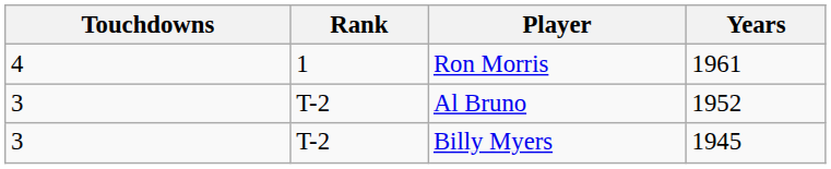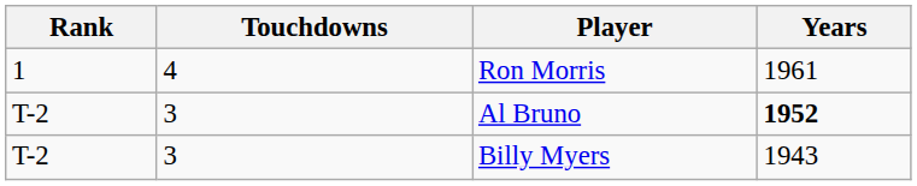 <table class="wikitable" style="width:60%;">
 <tr>
+<th>Rank</th>
 <th>Touchdowns</th>
-<th>Rank</th>
 <th>Player</th>
 <th>Years</th>
 </tr>
 <tr>
+<td>1</td>
 <td>4</td>
-<td>1</td>
 <td><a href='#'>Ron Morris</a></td>
 <td>1961</td>
 </tr>
 <tr>
+<td>T-2</td>
 <td>3</td>
-<td>T-2</td>
 <td><a href='#'>Al Bruno</a></td>
-<td>1952</td>
+<td><strong>1952</strong></td>
 </tr>
 <tr>
+<td>T-2</td>
 <td>3</td>
-<td>T-2</td>
 <td><a href='#'>Billy Myers</a></td>
-<td>1945</td>
+<td>1943</td>
 </tr>
 </table>
